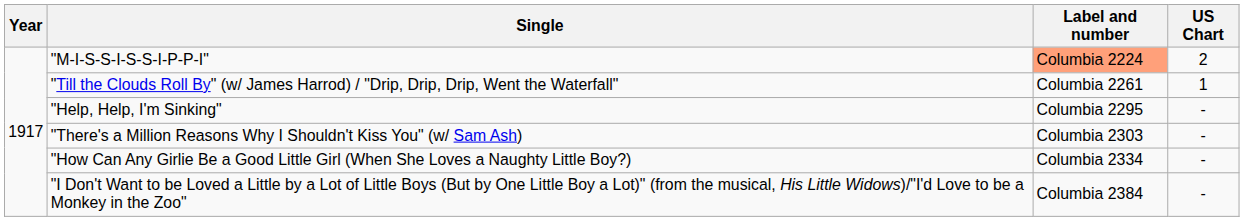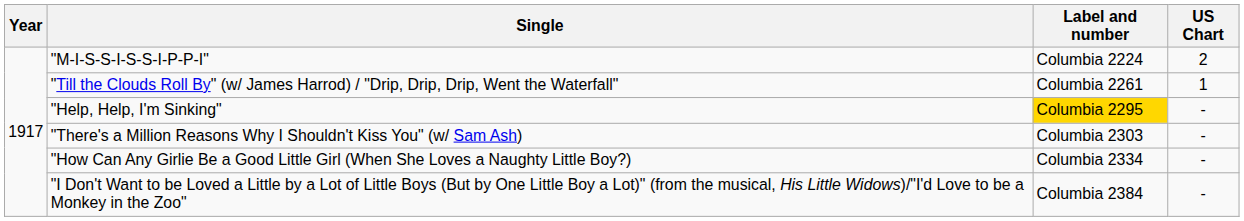 <table class="wikitable">
 <tr>
 <th>Year</th>
 <th>Single</th>
 <th>Label and number</th>
 <th>US Chart</th>
 </tr>
 <tr>
 <td rowspan="7">1917</td>
 <td>"M-I-S-S-I-S-S-I-P-P-I"</td>
-<td style="background: lightsalmon;">Columbia 2224</td>
+<td>Columbia 2224</td>
 <td align="center">2</td>
 </tr>
 <tr>
 <td>"<a href='#'>Till the Clouds Roll By</a>" (w/ James Harrod) / "Drip, Drip, Drip, Went the Waterfall"</td>
 <td>Columbia 2261</td>
 <td align="center">1</td>
 </tr>
 <tr>
 <td>"Help, Help, I'm Sinking"</td>
-<td>Columbia 2295</td>
+<td style="background: gold;">Columbia 2295</td>
 <td align="center">-</td>
 </tr>
 <tr>
 <td>"There's a Million Reasons Why I Shouldn't Kiss You" (w/ <a href='#'>Sam Ash</a>)</td>
 <td>Columbia 2303</td>
 <td align="center">-</td>
 </tr>
 <tr>
 <td>"How Can Any Girlie Be a Good Little Girl (When She Loves a Naughty Little Boy?)</td>
 <td>Columbia 2334</td>
 <td align="center">-</td>
 </tr>
 <tr>
 <td>"I Don't Want to be Loved a Little by a Lot of Little Boys (But by One Little Boy a Lot)" (from the musical, <em>His Little Widows</em>)/"I'd Love to be a Monkey in the Zoo"</td>
 <td>Columbia 2384</td>
 <td align="center">-</td>
 </tr>
 </table>
